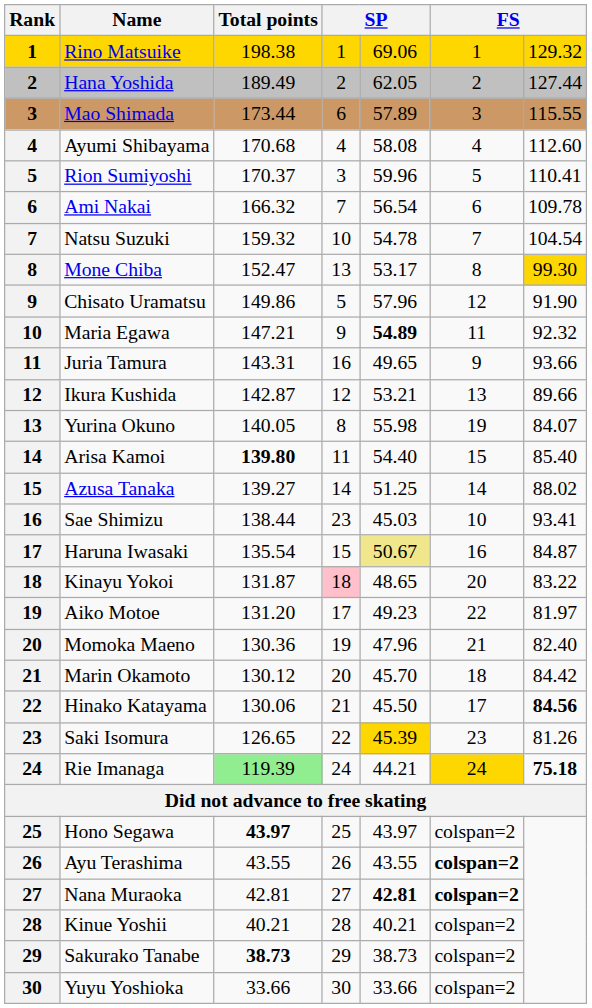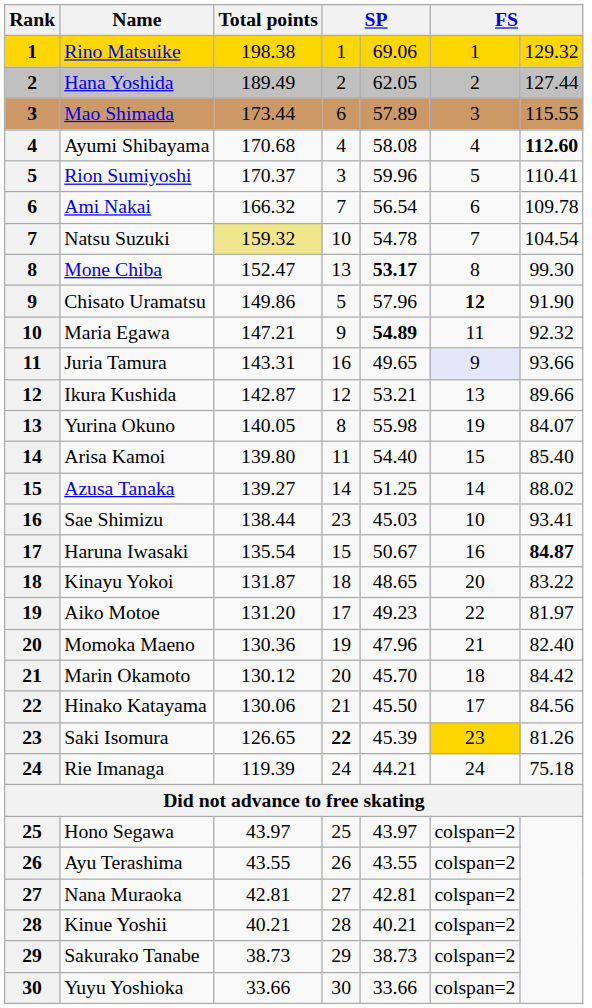 <table class="wikitable sortable">
 <tr>
 <th>Rank</th>
 <th>Name</th>
 <th>Total points</th>
 <th colspan="2" width="80px"><a href='#'>SP</a></th>
 <th colspan="2" width="80px"><a href='#'>FS</a></th>
 </tr>
 <tr bgcolor="gold">
 <td align="center"><strong>1</strong></td>
 <td><a href='#'>Rino Matsuike</a></td>
 <td align="center">198.38</td>
 <td align="center">1</td>
 <td align="center">69.06</td>
 <td align="center">1</td>
 <td align="center">129.32</td>
 </tr>
 <tr bgcolor="silver">
 <td align="center"><strong>2</strong></td>
 <td><a href='#'>Hana Yoshida</a></td>
 <td align="center">189.49</td>
 <td align="center">2</td>
 <td align="center">62.05</td>
 <td align="center">2</td>
 <td align="center">127.44</td>
 </tr>
 <tr bgcolor="cc9966">
 <td align="center"><strong>3</strong></td>
 <td><a href='#'>Mao Shimada</a></td>
 <td align="center">173.44</td>
 <td align="center">6</td>
 <td align="center">57.89</td>
 <td align="center">3</td>
 <td align="center">115.55</td>
 </tr>
 <tr>
 <th>4</th>
 <td>Ayumi Shibayama</td>
 <td align="center">170.68</td>
 <td align="center">4</td>
 <td align="center">58.08</td>
 <td align="center">4</td>
-<td align="center">112.60</td>
+<td align="center"><strong>112.60</strong></td>
 </tr>
 <tr>
 <th>5</th>
 <td><a href='#'>Rion Sumiyoshi</a></td>
 <td align="center">170.37</td>
 <td align="center">3</td>
 <td align="center">59.96</td>
 <td align="center">5</td>
 <td align="center">110.41</td>
 </tr>
 <tr>
 <th>6</th>
 <td><a href='#'>Ami Nakai</a></td>
 <td align="center">166.32</td>
 <td align="center">7</td>
 <td align="center">56.54</td>
 <td align="center">6</td>
 <td align="center">109.78</td>
 </tr>
 <tr>
 <th>7</th>
 <td>Natsu Suzuki</td>
-<td align="center">159.32</td>
+<td align="center" style="background: khaki;">159.32</td>
 <td align="center">10</td>
 <td align="center">54.78</td>
 <td align="center">7</td>
 <td align="center">104.54</td>
 </tr>
 <tr>
 <th>8</th>
 <td><a href='#'>Mone Chiba</a></td>
 <td align="center">152.47</td>
 <td align="center">13</td>
-<td align="center">53.17</td>
+<td align="center"><strong>53.17</strong></td>
 <td align="center">8</td>
-<td align="center" style="background: gold;">99.30</td>
+<td align="center">99.30</td>
 </tr>
 <tr>
 <th>9</th>
 <td>Chisato Uramatsu</td>
 <td align="center">149.86</td>
 <td align="center">5</td>
 <td align="center">57.96</td>
-<td align="center">12</td>
+<td align="center"><strong>12</strong></td>
 <td align="center">91.90</td>
 </tr>
 <tr>
 <th>10</th>
 <td>Maria Egawa</td>
 <td align="center">147.21</td>
 <td align="center">9</td>
 <td align="center"><strong>54.89</strong></td>
 <td align="center">11</td>
 <td align="center">92.32</td>
 </tr>
 <tr>
 <th>11</th>
 <td>Juria Tamura</td>
 <td align="center">143.31</td>
 <td align="center">16</td>
 <td align="center">49.65</td>
-<td align="center">9</td>
+<td align="center" style="background: lavender;">9</td>
 <td align="center">93.66</td>
 </tr>
 <tr>
 <th>12</th>
 <td>Ikura Kushida</td>
 <td align="center">142.87</td>
 <td align="center">12</td>
 <td align="center">53.21</td>
 <td align="center">13</td>
 <td align="center">89.66</td>
 </tr>
 <tr>
 <th>13</th>
 <td>Yurina Okuno</td>
 <td align="center">140.05</td>
 <td align="center">8</td>
 <td align="center">55.98</td>
 <td align="center">19</td>
 <td align="center">84.07</td>
 </tr>
 <tr>
 <th>14</th>
 <td>Arisa Kamoi</td>
-<td align="center"><strong>139.80</strong></td>
+<td align="center">139.80</td>
 <td align="center">11</td>
 <td align="center">54.40</td>
 <td align="center">15</td>
 <td align="center">85.40</td>
 </tr>
 <tr>
 <th>15</th>
 <td><a href='#'>Azusa Tanaka</a></td>
 <td align="center">139.27</td>
 <td align="center">14</td>
 <td align="center">51.25</td>
 <td align="center">14</td>
 <td align="center">88.02</td>
 </tr>
 <tr>
 <th>16</th>
 <td>Sae Shimizu</td>
 <td align="center">138.44</td>
 <td align="center">23</td>
 <td align="center">45.03</td>
 <td align="center">10</td>
 <td align="center">93.41</td>
 </tr>
 <tr>
 <th>17</th>
 <td>Haruna Iwasaki</td>
 <td align="center">135.54</td>
 <td align="center">15</td>
-<td align="center" style="background: khaki;">50.67</td>
+<td align="center">50.67</td>
 <td align="center">16</td>
-<td align="center">84.87</td>
+<td align="center"><strong>84.87</strong></td>
 </tr>
 <tr>
 <th>18</th>
 <td>Kinayu Yokoi</td>
 <td align="center">131.87</td>
-<td align="center" style="background: pink;">18</td>
+<td align="center">18</td>
 <td align="center">48.65</td>
 <td align="center">20</td>
 <td align="center">83.22</td>
 </tr>
 <tr>
 <th>19</th>
 <td>Aiko Motoe</td>
 <td align="center">131.20</td>
 <td align="center">17</td>
 <td align="center">49.23</td>
 <td align="center">22</td>
 <td align="center">81.97</td>
 </tr>
 <tr>
 <th>20</th>
 <td>Momoka Maeno</td>
 <td align="center">130.36</td>
 <td align="center">19</td>
 <td align="center">47.96</td>
 <td align="center">21</td>
 <td align="center">82.40</td>
 </tr>
 <tr>
 <th>21</th>
 <td>Marin Okamoto</td>
 <td align="center">130.12</td>
 <td align="center">20</td>
 <td align="center">45.70</td>
 <td align="center">18</td>
 <td align="center">84.42</td>
 </tr>
 <tr>
 <th>22</th>
 <td>Hinako Katayama</td>
 <td align="center">130.06</td>
 <td align="center">21</td>
 <td align="center">45.50</td>
 <td align="center">17</td>
-<td align="center"><strong>84.56</strong></td>
+<td align="center">84.56</td>
 </tr>
 <tr>
 <th>23</th>
 <td>Saki Isomura</td>
 <td align="center">126.65</td>
-<td align="center">22</td>
-<td align="center" style="background: gold;">45.39</td>
-<td align="center">23</td>
+<td align="center"><strong>22</strong></td>
+<td align="center">45.39</td>
+<td align="center" style="background: gold;">23</td>
 <td align="center">81.26</td>
 </tr>
 <tr>
 <th>24</th>
 <td>Rie Imanaga</td>
-<td align="center" style="background: lightgreen;">119.39</td>
+<td align="center">119.39</td>
 <td align="center">24</td>
 <td align="center">44.21</td>
-<td align="center" style="background: gold;">24</td>
-<td align="center"><strong>75.18</strong></td>
+<td align="center">24</td>
+<td align="center">75.18</td>
 </tr>
 <tr>
 <th colspan=8>Did not advance to free skating</th>
 </tr>
 <tr>
 <th>25</th>
 <td>Hono Segawa</td>
-<td align="center"><strong>43.97</strong></td>
+<td align="center">43.97</td>
 <td align="center">25</td>
 <td align="center">43.97</td>
 <td>colspan=2 </td>
 </tr>
 <tr>
 <th>26</th>
 <td>Ayu Terashima</td>
 <td align="center">43.55</td>
 <td align="center">26</td>
 <td align="center">43.55</td>
-<td><strong>colspan=2 </strong></td>
+<td>colspan=2 </td>
 </tr>
 <tr>
 <th>27</th>
 <td>Nana Muraoka</td>
 <td align="center">42.81</td>
 <td align="center">27</td>
-<td align="center"><strong>42.81</strong></td>
-<td><strong>colspan=2 </strong></td>
+<td align="center">42.81</td>
+<td>colspan=2 </td>
 </tr>
 <tr>
 <th>28</th>
 <td>Kinue Yoshii</td>
 <td align="center">40.21</td>
 <td align="center">28</td>
 <td align="center">40.21</td>
 <td>colspan=2 </td>
 </tr>
 <tr>
 <th>29</th>
 <td>Sakurako Tanabe</td>
-<td align="center"><strong>38.73</strong></td>
+<td align="center">38.73</td>
 <td align="center">29</td>
 <td align="center">38.73</td>
 <td>colspan=2 </td>
 </tr>
 <tr>
 <th>30</th>
 <td>Yuyu Yoshioka</td>
 <td align="center">33.66</td>
 <td align="center">30</td>
 <td align="center">33.66</td>
 <td>colspan=2 </td>
 </tr>
 </table>
